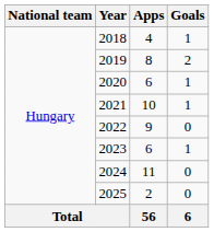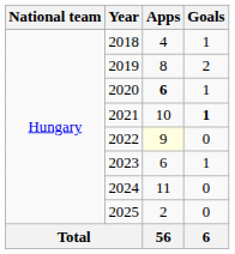 <table class="wikitable" style="text-align:center">
 <tr>
 <th>National team</th>
 <th>Year</th>
 <th>Apps</th>
 <th>Goals</th>
 </tr>
 <tr>
 <td rowspan="8"><a href='#'>Hungary</a></td>
 <td>2018</td>
 <td>4</td>
 <td>1</td>
 </tr>
 <tr>
 <td>2019</td>
 <td>8</td>
 <td>2</td>
 </tr>
 <tr>
 <td>2020</td>
-<td>6</td>
+<td><strong>6</strong></td>
 <td>1</td>
 </tr>
 <tr>
 <td>2021</td>
 <td>10</td>
-<td>1</td>
+<td><strong>1</strong></td>
 </tr>
 <tr>
 <td>2022</td>
-<td>9</td>
+<td style="background: lightyellow;">9</td>
 <td>0</td>
 </tr>
 <tr>
 <td>2023</td>
 <td>6</td>
 <td>1</td>
 </tr>
 <tr>
 <td>2024</td>
 <td>11</td>
 <td>0</td>
 </tr>
 <tr>
 <td>2025</td>
 <td>2</td>
 <td>0</td>
 </tr>
 <tr>
 <th colspan="2">Total</th>
 <th>56</th>
 <th>6</th>
 </tr>
 </table>
